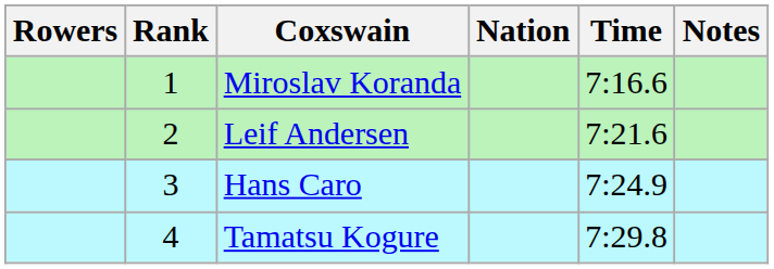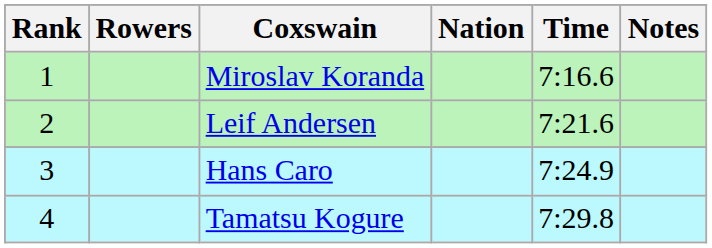 <table class="wikitable sortable" style="text-align:center">
 <tr>
+<th>Rank</th>
 <th>Rowers</th>
-<th>Rank</th>
 <th>Coxswain</th>
 <th>Nation</th>
 <th>Time</th>
 <th>Notes</th>
 </tr>
 <tr bgcolor=bbf3bb>
+<td>1</td>
 <td align=left></td>
-<td>1</td>
 <td align=left><a href='#'>Miroslav Koranda</a></td>
 <td align=left></td>
 <td>7:16.6</td>
 <td></td>
 </tr>
 <tr bgcolor=bbf3bb>
+<td>2</td>
 <td align=left></td>
-<td>2</td>
 <td align=left><a href='#'>Leif Andersen</a></td>
 <td align=left></td>
 <td>7:21.6</td>
 <td></td>
 </tr>
 <tr bgcolor=bbf9ff>
+<td>3</td>
 <td align=left></td>
-<td>3</td>
 <td align=left><a href='#'>Hans Caro</a></td>
 <td align=left></td>
 <td>7:24.9</td>
 <td></td>
 </tr>
 <tr bgcolor=bbf9ff>
+<td>4</td>
 <td align=left></td>
-<td>4</td>
 <td align=left><a href='#'>Tamatsu Kogure</a></td>
 <td align=left></td>
 <td>7:29.8</td>
 <td></td>
 </tr>
 </table>
